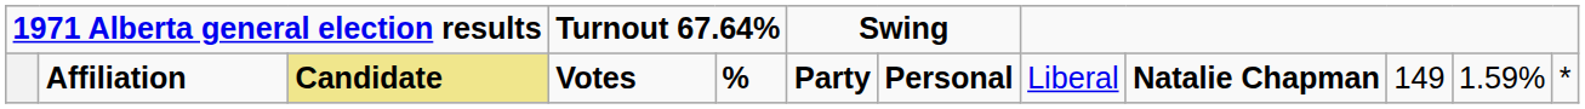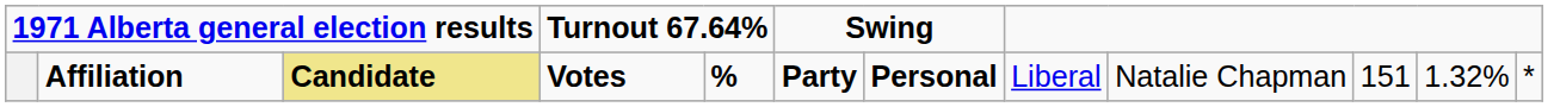 <table class="wikitable">
 <tr>
 <td colspan="3" align=center><strong><a href='#'>1971 Alberta general election</a> results</strong></td>
 <td colspan="2"><strong>Turnout 67.64%</strong></td>
 <td colspan="2" align=center><strong>Swing</strong></td>
 </tr>
 <tr>
 <th style="width: 10px;"></th>
 <td><strong>Affiliation</strong></td>
 <td style="background: khaki;"><strong>Candidate</strong></td>
 <td><strong>Votes</strong></td>
 <td><strong>%</strong></td>
 <td><strong>Party</strong></td>
 <td><strong>Personal</strong><br>   </td>
 <td><a href='#'>Liberal</a></td>
-<td><strong>Natalie Chapman</strong></td>
-<td>149</td>
-<td>1.59%</td>
+<td>Natalie Chapman</td>
+<td>151</td>
+<td>1.32%</td>
 <td colspan=2 align=center>*<br>   </td>
 </tr>
 </table>
